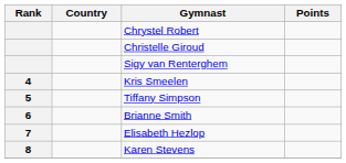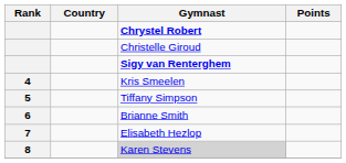 <table class="wikitable" width=500>
 <tr bgcolor="#efefef">
 <th>Rank</th>
 <th>Country</th>
 <th>Gymnast</th>
 <th>Points</th>
 </tr>
 <tr>
 <th></th>
 <td></td>
-<td><a href='#'>Chrystel Robert</a></td>
+<td><strong><a href='#'>Chrystel Robert</a></strong></td>
 <td></td>
 </tr>
 <tr>
 <th></th>
 <td></td>
 <td><a href='#'>Christelle Giroud</a></td>
 <td></td>
 </tr>
 <tr>
 <th></th>
 <td></td>
-<td><a href='#'>Sigy van Renterghem</a></td>
+<td><strong><a href='#'>Sigy van Renterghem</a></strong></td>
 <td></td>
 </tr>
 <tr>
 <th>4</th>
 <td></td>
 <td><a href='#'>Kris Smeelen</a></td>
 <td></td>
 </tr>
 <tr>
 <th>5</th>
 <td></td>
 <td><a href='#'>Tiffany Simpson</a></td>
 <td></td>
 </tr>
 <tr>
 <th>6</th>
 <td></td>
 <td><a href='#'>Brianne Smith</a></td>
 <td></td>
 </tr>
 <tr>
 <th>7</th>
 <td></td>
 <td><a href='#'>Elisabeth Hezlop</a></td>
 </tr>
 <tr>
 <th>8</th>
 <td></td>
-<td><a href='#'>Karen Stevens</a></td>
+<td style="background: lightgrey;"><a href='#'>Karen Stevens</a></td>
 <td></td>
 </tr>
 <tr>
 </tr>
 </table>
